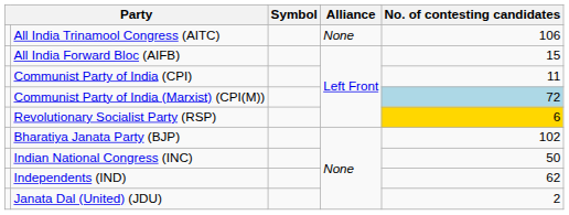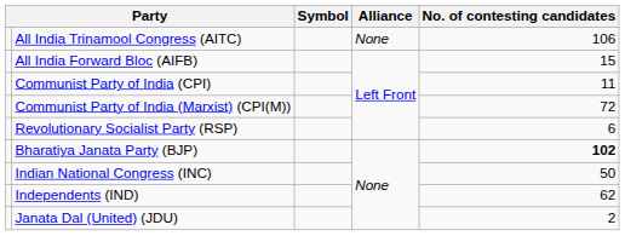 <table class="wikitable">
 <tr>
 <th colspan="2">Party</th>
 <th>Symbol</th>
 <th>Alliance</th>
 <th>No. of contesting candidates</th>
 </tr>
 <tr>
 <td></td>
 <td><a href='#'>All India Trinamool Congress</a> (AITC)</td>
 <td></td>
 <td><em>None</em></td>
 <td style="text-align:right">106</td>
 </tr>
 <tr>
 <td></td>
 <td><a href='#'>All India Forward Bloc</a> (AIFB)</td>
 <td></td>
 <td rowspan="4"><a href='#'>Left Front</a></td>
 <td style="text-align:right">15</td>
 </tr>
 <tr>
 <td></td>
 <td><a href='#'>Communist Party of India</a> (CPI)</td>
 <td></td>
 <td style="text-align:right">11</td>
 </tr>
 <tr>
 <td></td>
 <td><a href='#'>Communist Party of India (Marxist)</a> (CPI(M))</td>
 <td></td>
-<td style="background: lightblue; text-align:right">72</td>
+<td style="text-align:right">72</td>
 </tr>
 <tr>
 <td></td>
 <td><a href='#'>Revolutionary Socialist Party</a> (RSP)</td>
 <td></td>
-<td style="background: gold; text-align:right">6</td>
+<td style="text-align:right">6</td>
 </tr>
 <tr>
 <td></td>
 <td><a href='#'>Bharatiya Janata Party</a> (BJP)</td>
 <td></td>
 <td rowspan="4"><em>None</em></td>
-<td style="text-align:right">102</td>
+<td style="text-align:right"><strong>102</strong></td>
 </tr>
 <tr>
 <td></td>
 <td><a href='#'>Indian National Congress</a> (INC)</td>
 <td></td>
 <td style="text-align:right">50</td>
 </tr>
 <tr>
 <td></td>
 <td><a href='#'>Independents</a> (IND)</td>
 <td></td>
 <td style="text-align:right">62</td>
 </tr>
 <tr>
 <td></td>
 <td><a href='#'>Janata Dal (United)</a> (JDU)</td>
 <td></td>
 <td style="text-align:right">2</td>
 </tr>
 </table>
